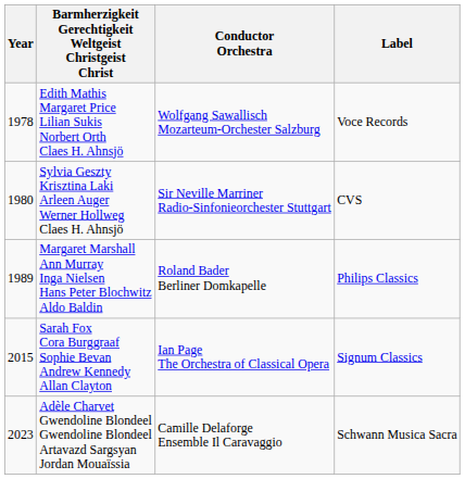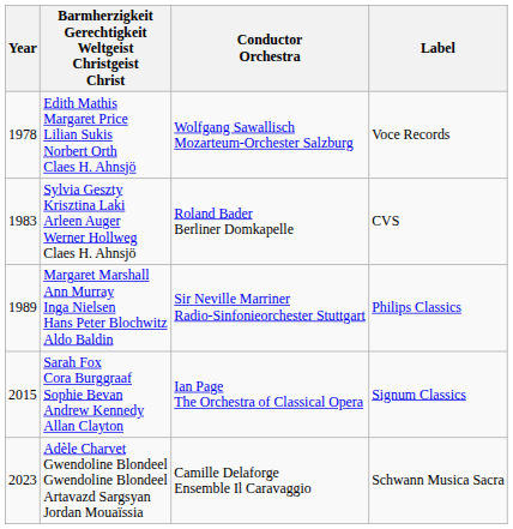 <table class="wikitable">
 <tr>
 <th>Year</th>
 <th>Barmherzigkeit<br>Gerechtigkeit<br>Weltgeist<br>Christgeist<br>Christ</th>
 <th>Conductor<br>Orchestra</th>
 <th>Label</th>
 </tr>
 <tr>
 <td>1978</td>
 <td><a href='#'>Edith Mathis</a><br><a href='#'>Margaret Price</a><br><a href='#'>Lilian Sukis</a><br><a href='#'>Norbert Orth</a><br><a href='#'>Claes H. Ahnsjö</a></td>
 <td><a href='#'>Wolfgang Sawallisch</a><br><a href='#'>Mozarteum-Orchester Salzburg</a></td>
 <td>Voce Records</td>
 </tr>
 <tr>
-<td>1980</td>
+<td>1983</td>
 <td><a href='#'>Sylvia Geszty</a><br><a href='#'>Krisztina Laki</a><br><a href='#'>Arleen Auger</a><br><a href='#'>Werner Hollweg</a><br>Claes H. Ahnsjö</td>
-<td><a href='#'>Sir Neville Marriner</a><br><a href='#'>Radio-Sinfonieorchester Stuttgart</a></td>
+<td><a href='#'>Roland Bader</a><br>Berliner Domkapelle</td>
 <td>CVS</td>
 </tr>
 <tr>
 <td>1989</td>
 <td><a href='#'>Margaret Marshall</a><br><a href='#'>Ann Murray</a><br><a href='#'>Inga Nielsen</a><br><a href='#'>Hans Peter Blochwitz</a><br><a href='#'>Aldo Baldin</a></td>
-<td><a href='#'>Roland Bader</a><br>Berliner Domkapelle</td>
+<td><a href='#'>Sir Neville Marriner</a><br><a href='#'>Radio-Sinfonieorchester Stuttgart</a></td>
 <td><a href='#'>Philips Classics</a></td>
 </tr>
 <tr>
 <td>2015</td>
 <td><a href='#'>Sarah Fox</a><br><a href='#'>Cora Burggraaf</a><br><a href='#'>Sophie Bevan</a><br><a href='#'>Andrew Kennedy</a><br><a href='#'>Allan Clayton</a></td>
 <td><a href='#'>Ian Page</a><br><a href='#'>The Orchestra of Classical Opera</a></td>
 <td><a href='#'>Signum Classics</a></td>
 </tr>
 <tr>
 <td>2023</td>
 <td><a href='#'>Adèle Charvet</a><br>Gwendoline Blondeel<br>Gwendoline Blondeel<br>Artavazd Sargsyan<br>Jordan Mouaïssia</td>
 <td>Camille Delaforge<br>Ensemble Il Caravaggio</td>
 <td>Schwann Musica Sacra</td>
 </tr>
 </table>
